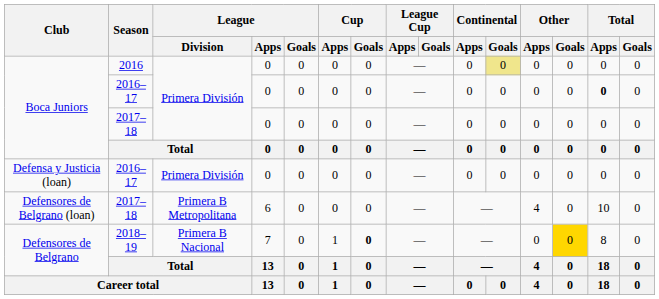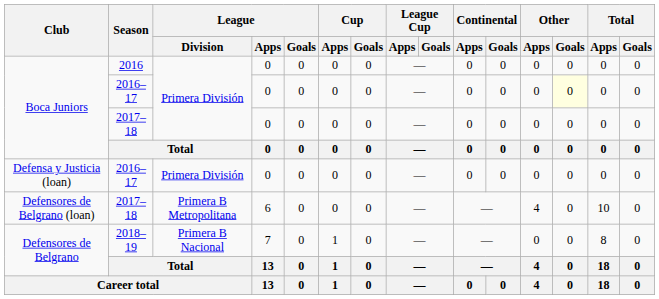 <table class="wikitable" style="text-align:center">
 <tr>
 <th rowspan="2">Club</th>
 <th rowspan="2">Season</th>
 <th colspan="3">League</th>
 <th colspan="2">Cup</th>
 <th colspan="2">League Cup</th>
 <th colspan="2">Continental</th>
 <th colspan="2">Other</th>
 <th colspan="2">Total</th>
 </tr>
 <tr>
 <th>Division</th>
 <th>Apps</th>
 <th>Goals</th>
 <th>Apps</th>
 <th>Goals</th>
 <th>Apps</th>
 <th>Goals</th>
 <th>Apps</th>
 <th>Goals</th>
 <th>Apps</th>
 <th>Goals</th>
 <th>Apps</th>
 <th>Goals</th>
 </tr>
 <tr>
 <td rowspan="4"><a href='#'>Boca Juniors</a></td>
 <td><a href='#'>2016</a></td>
 <td rowspan="3"><a href='#'>Primera División</a></td>
 <td>0</td>
 <td>0</td>
 <td>0</td>
 <td>0</td>
 <td colspan="2">—</td>
 <td>0</td>
-<td style="background: khaki;">0</td>
+<td>0</td>
 <td>0</td>
 <td>0</td>
 <td>0</td>
 <td>0</td>
 </tr>
 <tr>
 <td><a href='#'>2016–17</a></td>
 <td>0</td>
 <td>0</td>
 <td>0</td>
 <td>0</td>
 <td colspan="2">—</td>
 <td>0</td>
 <td>0</td>
 <td>0</td>
+<td style="background: lightyellow;">0</td>
 <td>0</td>
-<td><strong>0</strong></td>
 <td>0</td>
 </tr>
 <tr>
 <td><a href='#'>2017–18</a></td>
 <td>0</td>
 <td>0</td>
 <td>0</td>
 <td>0</td>
 <td colspan="2">—</td>
 <td>0</td>
 <td>0</td>
 <td>0</td>
 <td>0</td>
 <td>0</td>
 <td>0</td>
 </tr>
 <tr>
 <th colspan="2">Total</th>
 <th>0</th>
 <th>0</th>
 <th>0</th>
 <th>0</th>
 <th colspan="2">—</th>
 <th>0</th>
 <th>0</th>
 <th>0</th>
 <th>0</th>
 <th>0</th>
 <th>0</th>
 </tr>
 <tr>
 <td rowspan="1"><a href='#'>Defensa y Justicia</a> (loan)</td>
 <td><a href='#'>2016–17</a></td>
 <td rowspan="1"><a href='#'>Primera División</a></td>
 <td>0</td>
 <td>0</td>
 <td>0</td>
 <td>0</td>
 <td colspan="2">—</td>
 <td>0</td>
 <td>0</td>
 <td>0</td>
 <td>0</td>
 <td>0</td>
 <td>0</td>
 </tr>
 <tr>
 <td rowspan="1"><a href='#'>Defensores de Belgrano</a> (loan)</td>
 <td><a href='#'>2017–18</a></td>
 <td rowspan="1"><a href='#'>Primera B Metropolitana</a></td>
 <td>6</td>
 <td>0</td>
 <td>0</td>
 <td>0</td>
 <td colspan="2">—</td>
 <td colspan="2">—</td>
 <td>4</td>
 <td>0</td>
 <td>10</td>
 <td>0</td>
 </tr>
 <tr>
 <td rowspan="2"><a href='#'>Defensores de Belgrano</a></td>
 <td><a href='#'>2018–19</a></td>
 <td rowspan="1"><a href='#'>Primera B Nacional</a></td>
 <td>7</td>
 <td>0</td>
 <td>1</td>
-<td><strong>0</strong></td>
+<td>0</td>
 <td colspan="2">—</td>
 <td colspan="2">—</td>
 <td>0</td>
-<td style="background: gold;">0</td>
+<td>0</td>
 <td>8</td>
 <td>0</td>
 </tr>
 <tr>
 <th colspan="2">Total</th>
 <th>13</th>
 <th>0</th>
 <th>1</th>
 <th>0</th>
 <th colspan="2">—</th>
 <th colspan="2">—</th>
 <th>4</th>
 <th>0</th>
 <th>18</th>
 <th>0</th>
 </tr>
 <tr>
 <th colspan="3">Career total</th>
 <th>13</th>
 <th>0</th>
 <th>1</th>
 <th>0</th>
 <th colspan="2">—</th>
 <th>0</th>
 <th>0</th>
 <th>4</th>
 <th>0</th>
 <th>18</th>
 <th>0</th>
 </tr>
 </table>
